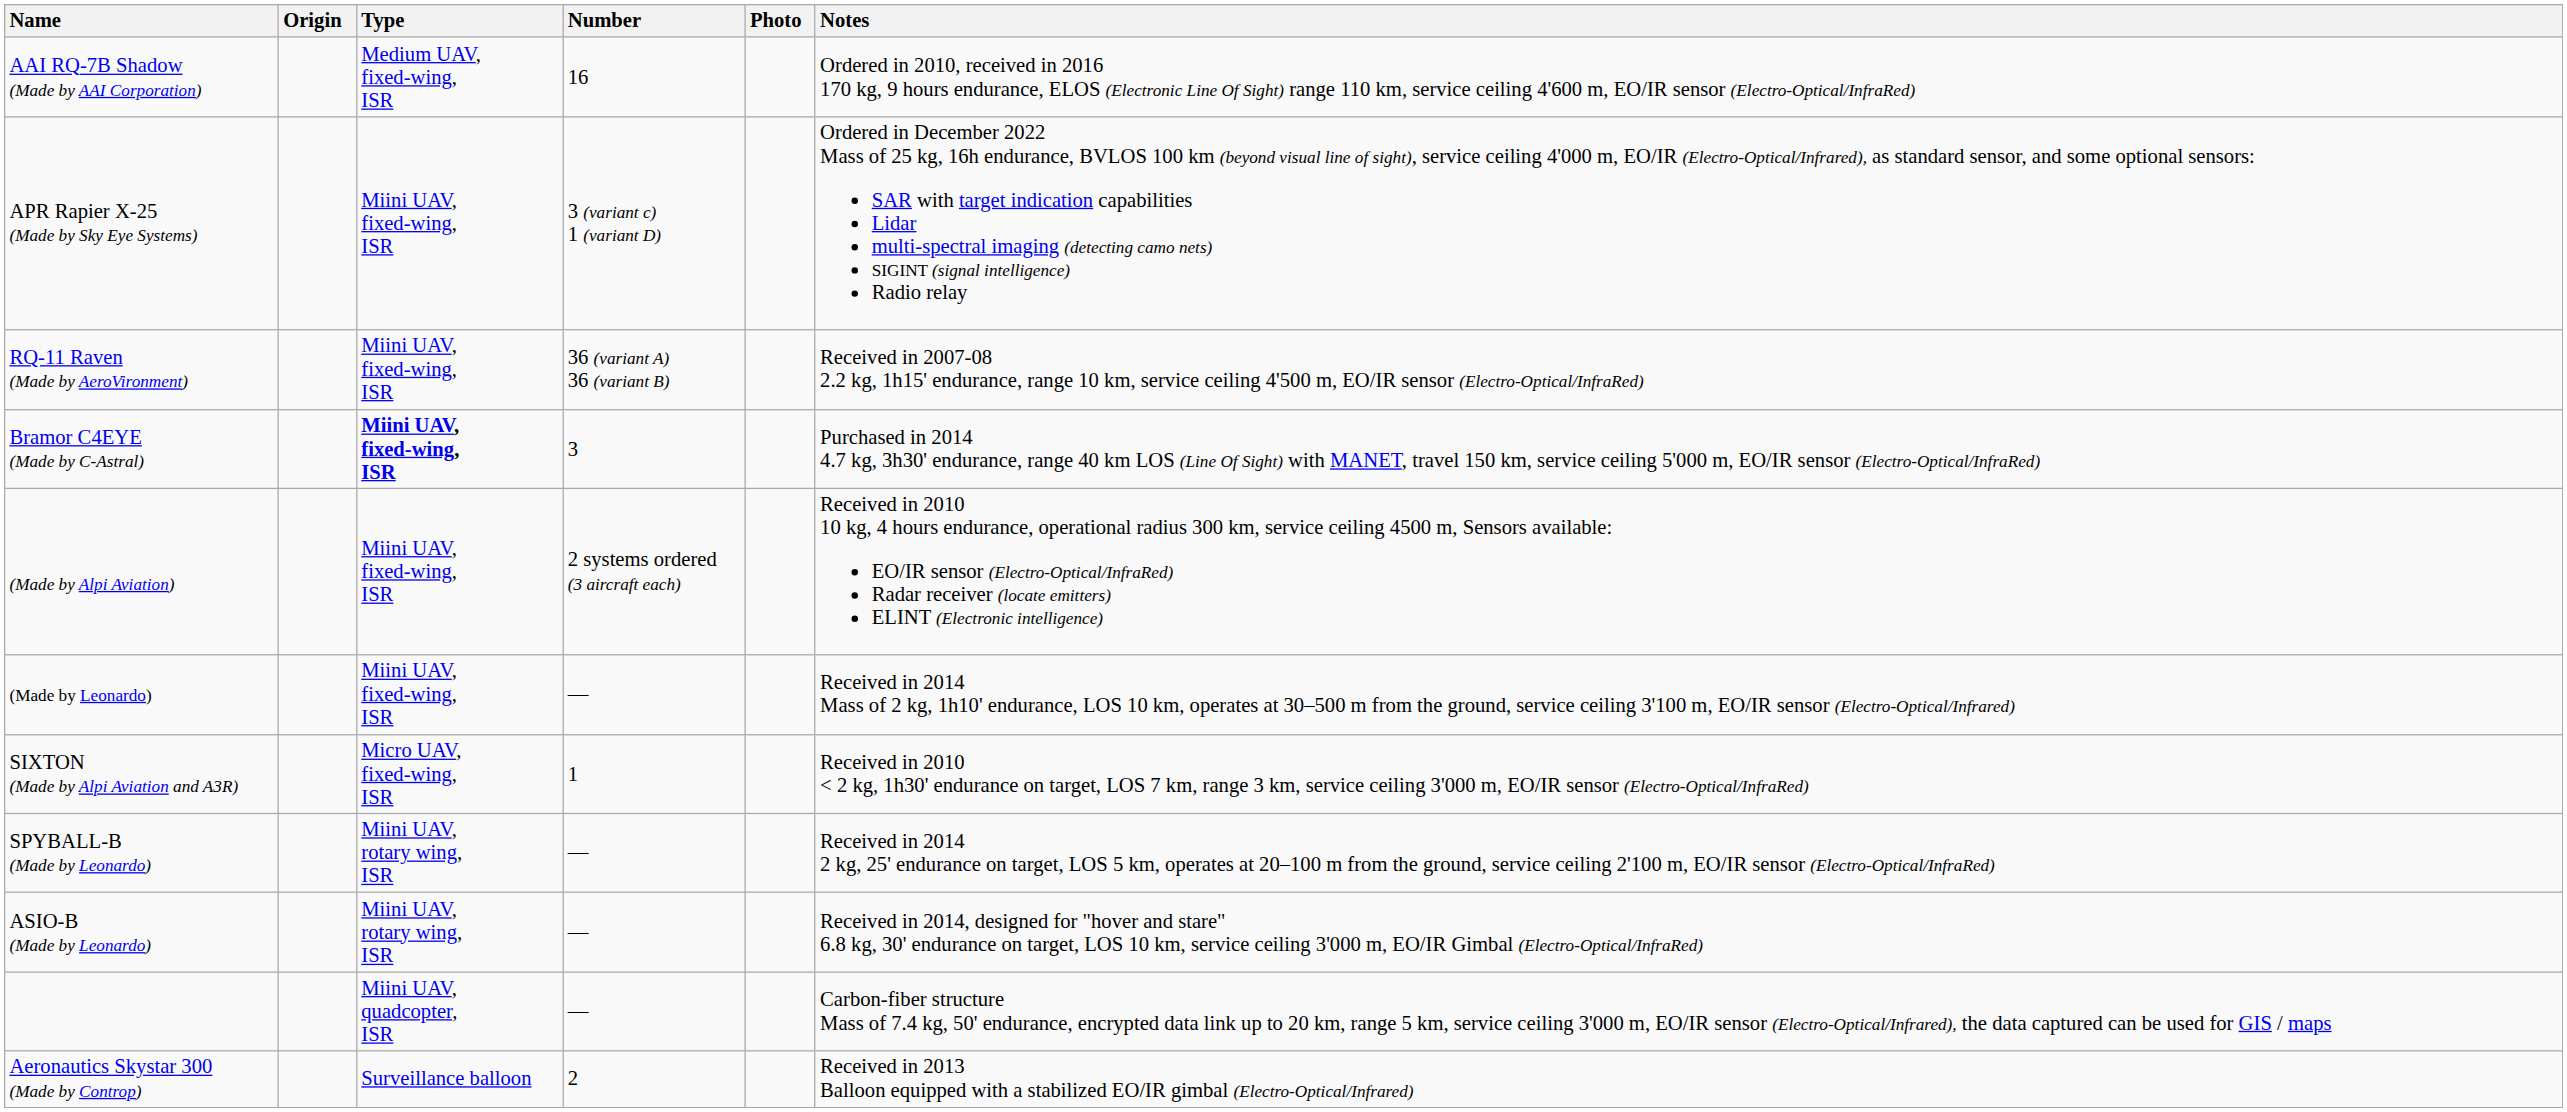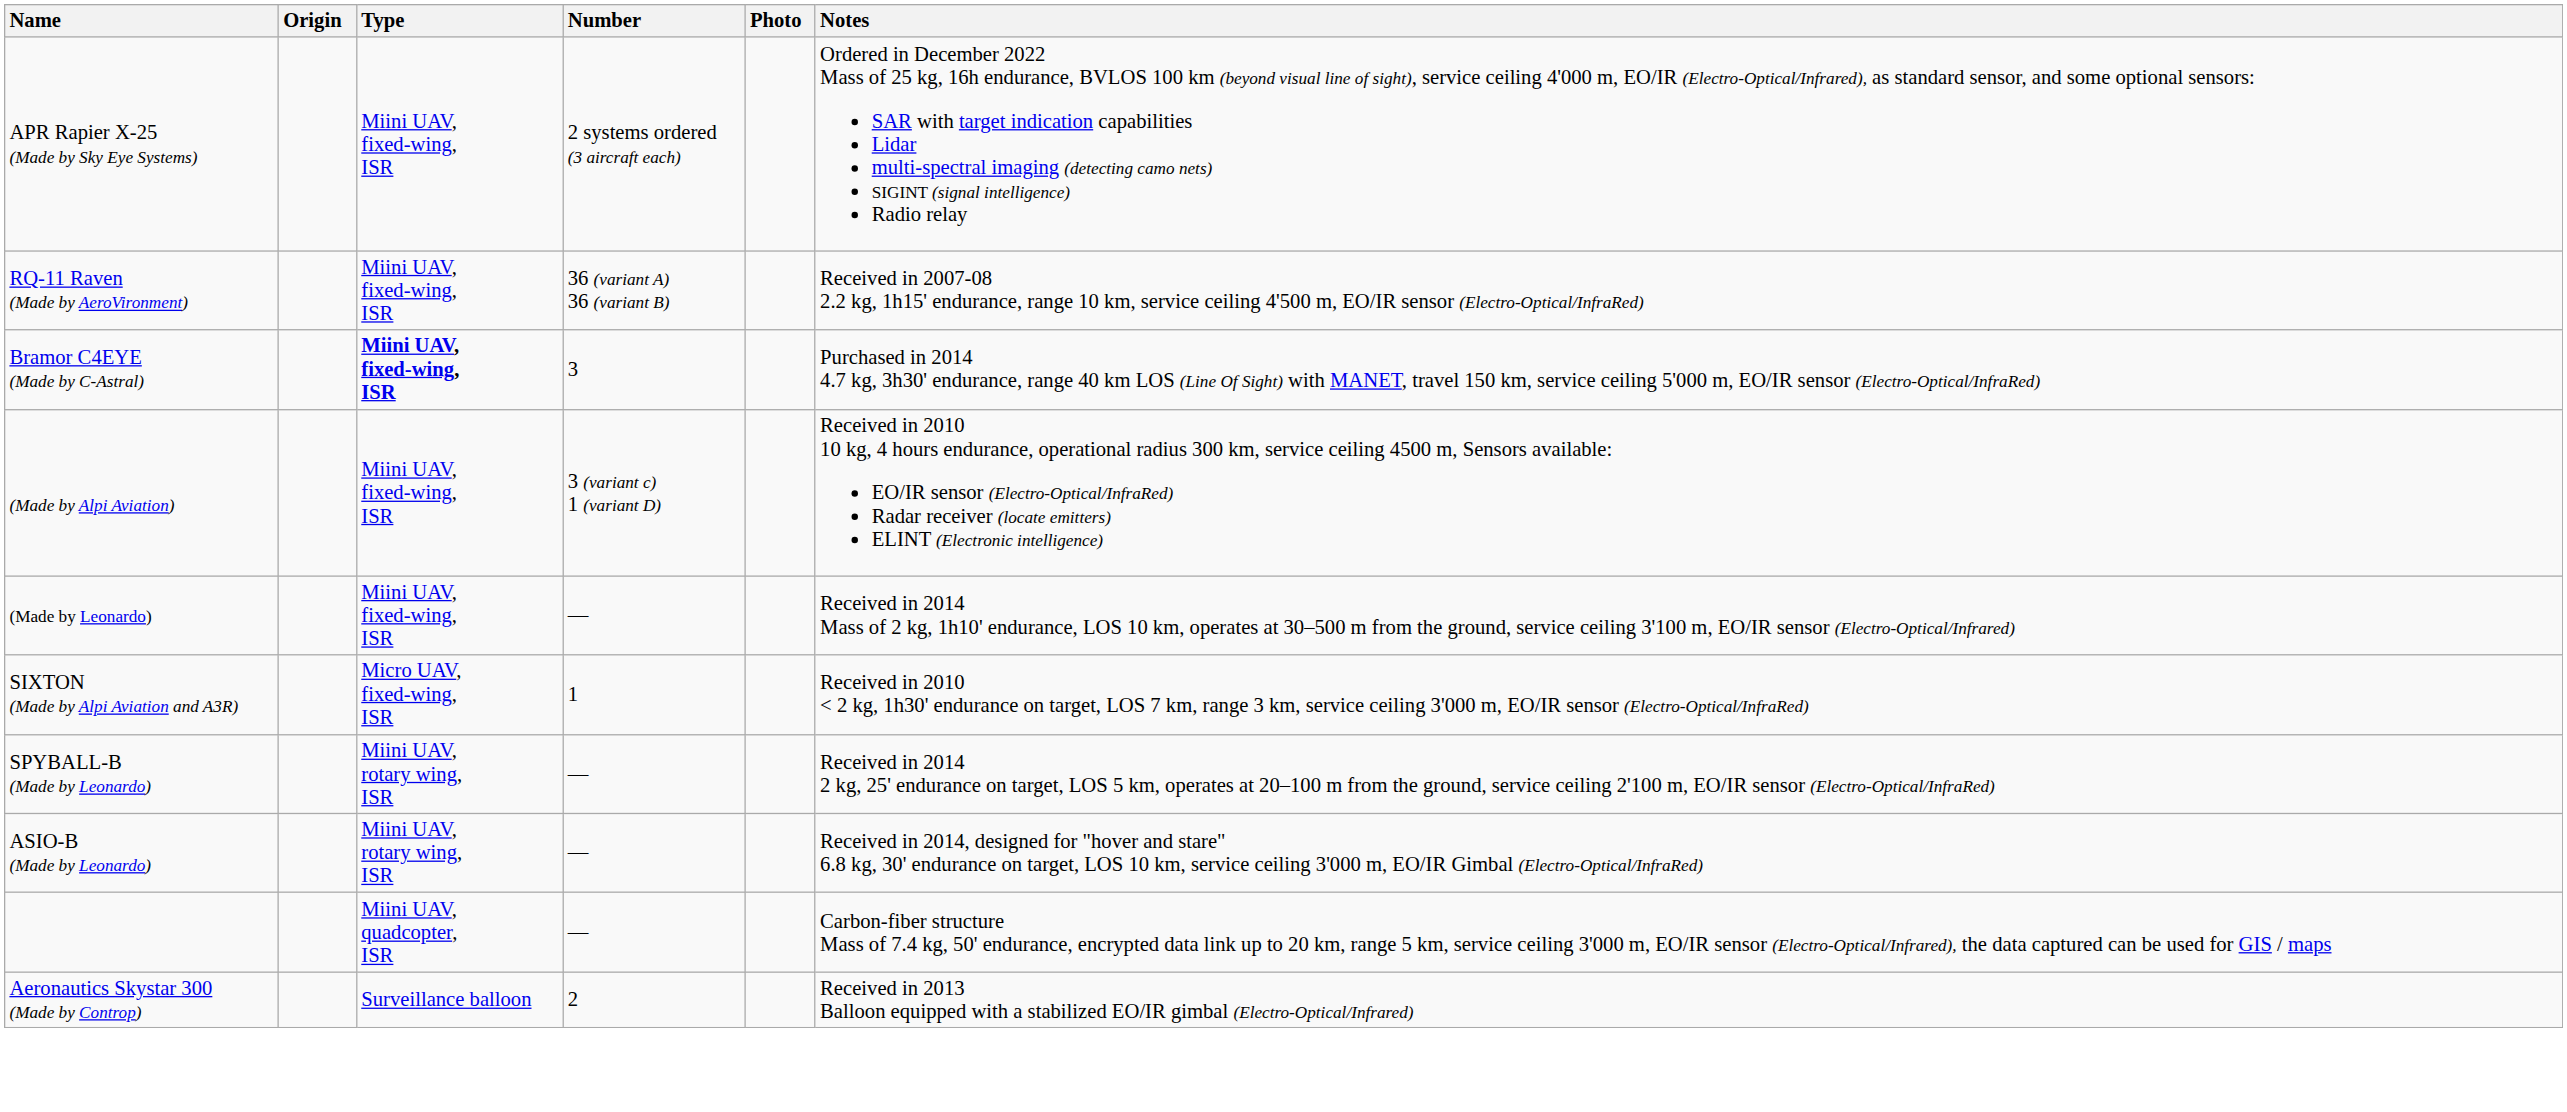 <table class="wikitable" style="margin:auto; width:100%;">
 <tr>
 <th style="text-align: left">Name</th>
 <th style="text-align: left">Origin</th>
 <th style="text-align: left;">Type</th>
 <th style="text-align: left;">Number</th>
 <th style="text-align: left; ">Photo</th>
 <th style="text-align: left">Notes</th>
 </tr>
 <tr>
-<td><a href='#'>AAI RQ-7B Shadow</a><br><small><em>(Made by <a href='#'>AAI Corporation</a>)</em></small></td>
-<td></td>
-<td><a href='#'>Medium UAV</a>,<br><a href='#'>fixed-wing</a>,<br><a href='#'>ISR</a></td>
-<td>16</td>
-<td></td>
-<td>Ordered in 2010, received in 2016 <br>170 kg, 9 hours endurance, ELOS <small><em>(Electronic Line Of Sight)</em></small> range 110 km, service ceiling 4'600 m, EO/IR sensor <small><em>(Electro-Optical/InfraRed)</em></small></td>
-</tr>
-<tr>
 <td>APR Rapier X-25<br><small><em>(Made by Sky Eye Systems)</em></small></td>
 <td></td>
 <td><a href='#'>Miini UAV</a>,<br><a href='#'>fixed-wing</a>,<br><a href='#'>ISR</a></td>
-<td>3 <small><em>(variant c)</em></small><br>1 <small><em>(variant D)</em></small></td>
+<td>2 systems ordered<br><small><em>(3 aircraft each)</em></small></td>
 <td></td>
 <td>Ordered in December 2022<br>Mass of 25 kg, 16h endurance, BVLOS 100 km <small><em>(beyond visual line of sight)</em></small>, service ceiling 4'000 m, EO/IR <small><em>(Electro-Optical/Infrared),</em></small> as standard sensor, and some optional sensors:<ul><li><a href='#'>SAR</a> with <a href='#'>target indication</a> capabilities</li><li><a href='#'>Lidar</a></li><li><a href='#'>multi-spectral imaging</a> <small><em>(detecting camo nets)</em></small></li><li><small>SIGINT <em>(signal intelligence)</em></small></li><li>Radio relay</li></ul></td>
 </tr>
 <tr>
 <td><a href='#'>RQ-11 Raven</a><br><small><em>(Made by <a href='#'>AeroVironment</a>)</em></small></td>
 <td></td>
 <td><a href='#'>Miini UAV</a>,<br><a href='#'>fixed-wing</a>,<br><a href='#'>ISR</a></td>
 <td>36 <small><em>(variant A)</em></small><br>36 <small><em>(variant B)</em></small></td>
 <td></td>
 <td>Received in 2007-08 <br>2.2 kg, 1h15' endurance, range 10 km, service ceiling 4'500 m, EO/IR sensor <small><em>(Electro-Optical/InfraRed)</em></small></td>
 </tr>
 <tr>
 <td><a href='#'>Bramor C4EYE</a><br><small><em>(Made by C-Astral)</em></small></td>
 <td></td>
 <td><strong><a href='#'>Miini UAV</a>,<br><a href='#'>fixed-wing</a>,<br><a href='#'>ISR</a></strong></td>
 <td>3</td>
 <td></td>
 <td>Purchased in 2014 <br>4.7 kg, 3h30' endurance, range 40 km LOS <small><em>(Line Of Sight)</em></small> with <a href='#'>MANET</a>, travel 150 km, service ceiling 5'000 m, EO/IR sensor <small><em>(Electro-Optical/InfraRed)</em></small> </td>
 </tr>
 <tr>
 <td><br><small><em>(Made by <a href='#'>Alpi Aviation</a>)</em></small></td>
 <td></td>
 <td><a href='#'>Miini UAV</a>,<br><a href='#'>fixed-wing</a>,<br><a href='#'>ISR</a></td>
-<td>2 systems ordered<br><small><em>(3 aircraft each)</em></small></td>
+<td>3 <small><em>(variant c)</em></small><br>1 <small><em>(variant D)</em></small></td>
 <td></td>
 <td>Received in 2010 <br>10 kg, 4 hours endurance, operational radius 300 km, service ceiling 4500 m, Sensors available:<ul><li>EO/IR sensor <small><em>(Electro-Optical/InfraRed)</em></small></li><li>Radar receiver <small><em>(locate emitters)</em></small></li><li>ELINT <small><em>(Electronic intelligence)</em></small></li></ul></td>
 </tr>
 <tr>
 <td><small>(Made by <a href='#'>Leonardo</a>)</small></td>
 <td></td>
 <td><a href='#'>Miini UAV</a>,<br><a href='#'>fixed-wing</a>,<br><a href='#'>ISR</a></td>
 <td>—</td>
 <td></td>
 <td>Received in 2014 <br>Mass of 2 kg, 1h10' endurance, LOS 10 km, operates at 30–500 m from the ground, service ceiling 3'100 m, EO/IR sensor <small><em>(Electro-Optical/Infrared)</em></small> </td>
 </tr>
 <tr>
 <td>SIXTON<br><small><em>(Made by <a href='#'>Alpi Aviation</a> and A3R)</em></small></td>
 <td></td>
 <td><a href='#'>Micro UAV</a>,<br><a href='#'>fixed-wing</a>,<br><a href='#'>ISR</a></td>
 <td>1</td>
 <td></td>
 <td>Received in 2010 <br>< 2 kg, 1h30' endurance on target, LOS 7 km, range 3 km, service ceiling 3'000 m, EO/IR sensor <small><em>(Electro-Optical/InfraRed)</em></small> </td>
 </tr>
 <tr>
 <td>SPYBALL-B<br><small><em>(Made by <a href='#'>Leonardo</a>)</em></small></td>
 <td></td>
 <td><a href='#'>Miini UAV</a>,<br><a href='#'>rotary wing</a>,<br><a href='#'>ISR</a></td>
 <td>—</td>
 <td></td>
 <td>Received in 2014 <br>2 kg, 25' endurance on target, LOS 5 km, operates at 20–100 m from the ground, service ceiling 2'100 m, EO/IR sensor <small><em>(Electro-Optical/InfraRed)</em></small> </td>
 </tr>
 <tr>
 <td>ASIO-B<br><small><em>(Made by <a href='#'>Leonardo</a>)</em></small></td>
 <td></td>
 <td><a href='#'>Miini UAV</a>,<br><a href='#'>rotary wing</a>,<br><a href='#'>ISR</a></td>
 <td>—</td>
 <td></td>
 <td>Received in 2014, designed for "hover and stare" <br>6.8 kg, 30' endurance on target, LOS 10 km, service ceiling 3'000 m, EO/IR Gimbal <small><em>(Electro-Optical/InfraRed)</em></small></td>
 </tr>
 <tr>
 <td></td>
 <td></td>
 <td><a href='#'>Miini UAV</a>,<br><a href='#'>quadcopter</a>,<br><a href='#'>ISR</a></td>
 <td>—</td>
 <td></td>
 <td>Carbon-fiber structure <br>Mass of 7.4 kg, 50' endurance, encrypted data link up to 20 km, range 5 km, service ceiling 3'000 m, EO/IR sensor <small><em>(Electro-Optical/Infrared),</em></small> the data captured can be used for <a href='#'>GIS</a> / <a href='#'>maps</a></td>
 </tr>
 <tr>
 <td><a href='#'>Aeronautics Skystar 300</a><br><small><em>(Made by <a href='#'>Controp</a>)</em></small></td>
 <td></td>
 <td><a href='#'>Surveillance balloon</a></td>
 <td>2</td>
 <td></td>
 <td>Received in 2013 <br>Balloon equipped with a stabilized EO/IR gimbal <small><em>(Electro-Optical/Infrared)</em></small></td>
 </tr>
 </table>
